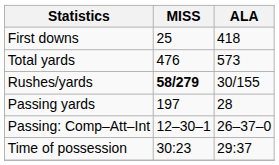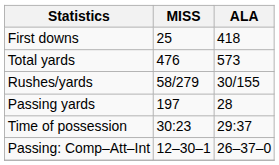 <table class="wikitable" style="float: left;">
 <tr>
 <th>Statistics</th>
 <th>MISS</th>
 <th>ALA</th>
 </tr>
 <tr>
 <td>First downs</td>
 <td>25</td>
 <td>418</td>
 </tr>
 <tr>
 <td>Total yards</td>
 <td>476</td>
 <td>573</td>
 </tr>
 <tr>
 <td>Rushes/yards</td>
-<td><strong>58/279</strong></td>
+<td>58/279</td>
 <td>30/155</td>
 </tr>
 <tr>
 <td>Passing yards</td>
 <td>197</td>
 <td>28</td>
 </tr>
 <tr>
+<td>Time of possession</td>
+<td>30:23</td>
+<td>29:37</td>
+</tr>
+<tr>
 <td>Passing: Comp–Att–Int</td>
 <td>12–30–1</td>
 <td>26–37–0</td>
 </tr>
 <tr>
-<td>Time of possession</td>
-<td>30:23</td>
-<td>29:37</td>
-</tr>
-<tr>
 </tr>
 </table>
